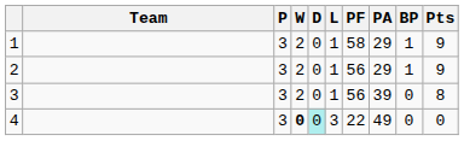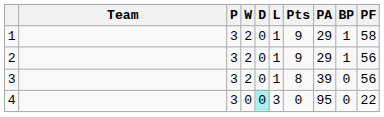 <table class="wikitable" style="text-align:center;">
 <tr>
 <th></th>
 <th width="200px">Team</th>
 <th>P</th>
 <th>W</th>
 <th>D</th>
 <th>L</th>
-<th>PF</th>
+<th>Pts</th>
 <th>PA</th>
 <th>BP</th>
-<th>Pts</th>
+<th>PF</th>
 </tr>
 <tr>
 <td>1</td>
 <td></td>
 <td>3</td>
 <td>2</td>
 <td>0</td>
 <td>1</td>
-<td>58</td>
+<td>9</td>
 <td>29</td>
 <td>1</td>
-<td>9</td>
+<td>58</td>
 </tr>
 <tr>
 <td>2</td>
 <td></td>
 <td>3</td>
 <td>2</td>
 <td>0</td>
 <td>1</td>
-<td>56</td>
+<td>9</td>
 <td>29</td>
 <td>1</td>
-<td>9</td>
+<td>56</td>
 </tr>
 <tr>
 <td>3</td>
 <td></td>
 <td>3</td>
 <td>2</td>
 <td>0</td>
 <td>1</td>
-<td>56</td>
+<td>8</td>
 <td>39</td>
 <td>0</td>
-<td>8</td>
+<td>56</td>
 </tr>
 <tr>
 <td>4</td>
 <td></td>
 <td>3</td>
-<td><strong>0</strong></td>
+<td>0</td>
 <td style="background: paleturquoise;">0</td>
 <td>3</td>
+<td>0</td>
+<td>95</td>
+<td>0</td>
 <td>22</td>
-<td>49</td>
-<td>0</td>
-<td>0</td>
 </tr>
 </table>
